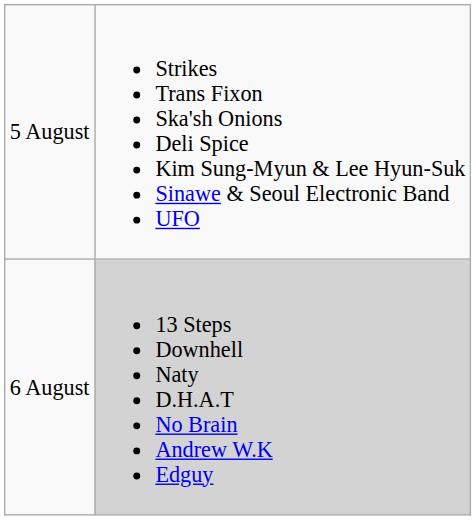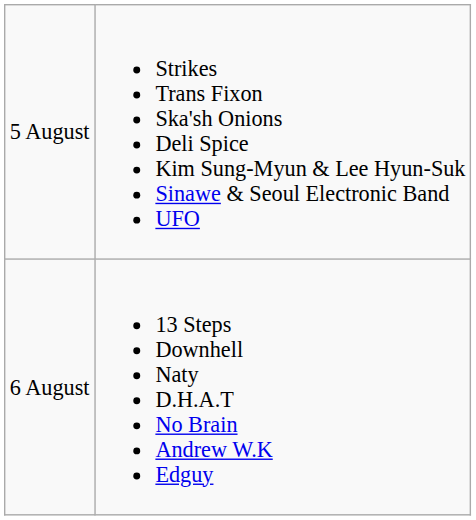 <table class="wikitable">
 <tr>
 <td>5 August</td>
 <td><br><ul><li> Strikes</li><li> Trans Fixon</li><li> Ska'sh Onions</li><li> Deli Spice</li><li> Kim Sung-Myun & Lee Hyun-Suk</li><li> <a href='#'>Sinawe</a> & Seoul Electronic Band</li><li> <a href='#'>UFO</a></li></ul></td>
 </tr>
 <tr>
 <td>6 August</td>
-<td style="background: lightgrey;"><br><ul><li> 13 Steps</li><li> Downhell</li><li> Naty</li><li> D.H.A.T</li><li> <a href='#'>No Brain</a></li><li> <a href='#'>Andrew W.K</a></li><li> <a href='#'>Edguy</a></li></ul></td>
+<td><br><ul><li> 13 Steps</li><li> Downhell</li><li> Naty</li><li> D.H.A.T</li><li> <a href='#'>No Brain</a></li><li> <a href='#'>Andrew W.K</a></li><li> <a href='#'>Edguy</a></li></ul></td>
 </tr>
 </table>
